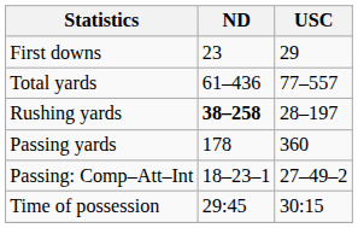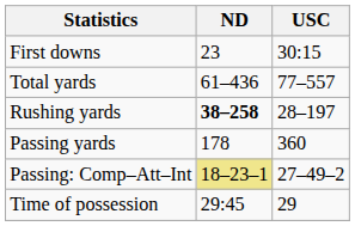 <table class="wikitable" style="float: left;">
 <tr>
 <th>Statistics</th>
 <th>ND</th>
 <th>USC</th>
 </tr>
 <tr>
 <td>First downs</td>
 <td>23</td>
-<td>29</td>
+<td>30:15</td>
 </tr>
 <tr>
 <td>Total yards</td>
 <td>61–436</td>
 <td>77–557</td>
 </tr>
 <tr>
 <td>Rushing yards</td>
 <td><strong>38–258</strong></td>
 <td>28–197</td>
 </tr>
 <tr>
 <td>Passing yards</td>
 <td>178</td>
 <td>360</td>
 </tr>
 <tr>
 <td>Passing: Comp–Att–Int</td>
-<td>18–23–1</td>
+<td style="background: khaki;">18–23–1</td>
 <td>27–49–2</td>
 </tr>
 <tr>
 <td>Time of possession</td>
 <td>29:45</td>
-<td>30:15</td>
+<td>29</td>
 </tr>
 <tr>
 </tr>
 </table>
